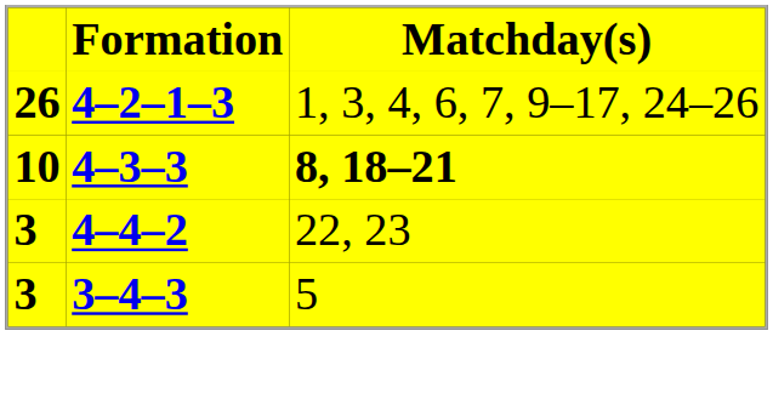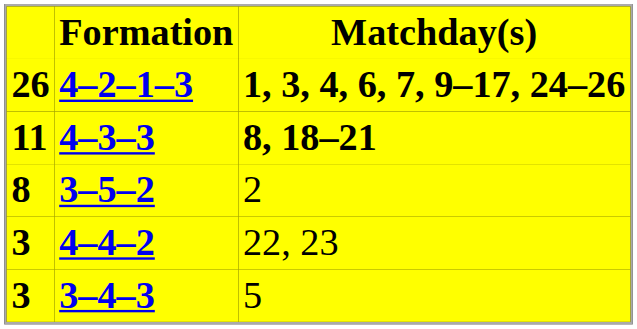 <table class="toccolours" border="0" cellpadding="2" cellspacing="0" align="center" style="margin: 0.5em 0 1em 1em; background: #000000; border: 1px #aaaaaa solid;">
 <tr bgcolor=#FFFF00>
 <th></th>
 <th>Formation</th>
 <th>Matchday(s)</th>
 </tr>
 <tr bgcolor=#FFFF00>
 <td><strong>26</strong></td>
 <td><a href='#'><span><strong>4–2–1–3</strong></span></a></td>
-<td>1, 3, 4, 6, 7, 9–17, 24–26</td>
+<td><strong>1, 3, 4, 6, 7, 9–17, 24–26</strong></td>
 </tr>
 <tr bgcolor=#FFFF00>
-<td><strong>10</strong></td>
+<td><strong>11</strong></td>
 <td><a href='#'><span><strong>4–3–3</strong></span></a></td>
 <td><strong>8, 18–21</strong></td>
+</tr>
+<tr bgcolor=#FFFF00>
+<td><strong>8</strong></td>
+<td><a href='#'><span><strong>3–5–2</strong></span></a></td>
+<td>2</td>
 </tr>
 <tr bgcolor=#FFFF00>
 <td><strong>3</strong></td>
 <td><a href='#'><span><strong>4–4–2</strong></span></a></td>
 <td>22, 23</td>
 </tr>
 <tr bgcolor=#FFFF00>
 <td><strong>3</strong></td>
 <td><a href='#'><span><strong>3–4–3</strong></span></a></td>
 <td>5</td>
 </tr>
 </table>
